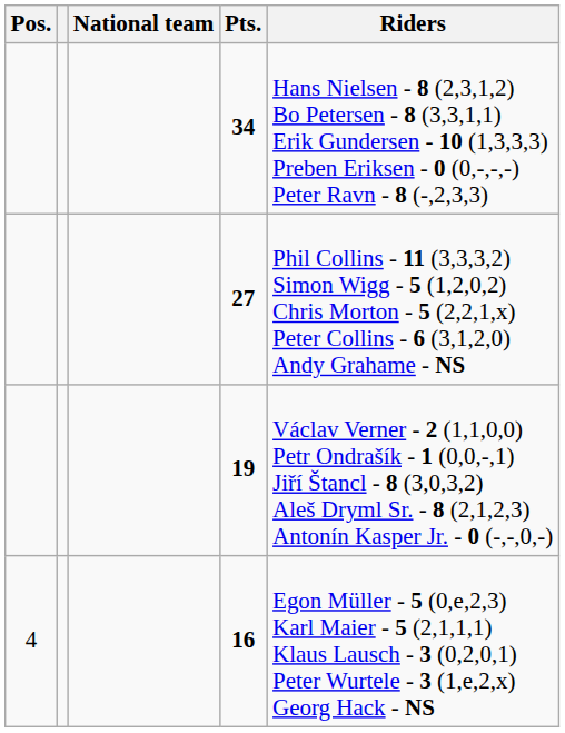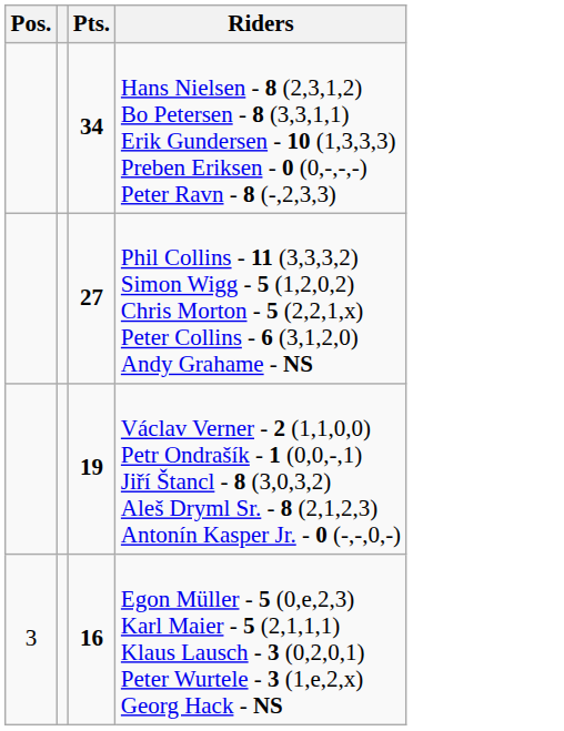 <table class=wikitable style="font-size:93%;">
 <tr>
 <th>Pos.</th>
 <th></th>
-<th>National team</th>
 <th>Pts.</th>
 <th>Riders</th>
 </tr>
 <tr align=center >
 <td></td>
 <td></td>
-<td align=left></td>
 <td><strong>34</strong></td>
 <td align=left><br><a href='#'>Hans Nielsen</a> - <strong>8</strong> (2,3,1,2) <br> <a href='#'>Bo Petersen</a> - <strong>8</strong> (3,3,1,1) <br> <a href='#'>Erik Gundersen</a> - <strong>10</strong> (1,3,3,3) <br> <a href='#'>Preben Eriksen</a> - <strong>0</strong> (0,-,-,-) <br> <a href='#'>Peter Ravn</a> - <strong>8</strong> (-,2,3,3) <br></td>
 </tr>
 <tr align=center >
 <td></td>
 <td></td>
-<td align=left></td>
 <td><strong>27</strong></td>
 <td align=left><br><a href='#'>Phil Collins</a> - <strong>11</strong> (3,3,3,2) <br> <a href='#'>Simon Wigg</a> - <strong>5</strong> (1,2,0,2) <br> <a href='#'>Chris Morton</a> - <strong>5</strong> (2,2,1,x) <br> <a href='#'>Peter Collins</a> - <strong>6</strong> (3,1,2,0) <br> <a href='#'>Andy Grahame</a> - <strong>NS</strong> <br></td>
 </tr>
 <tr align=center >
 <td></td>
 <td></td>
-<td align=left></td>
 <td><strong>19</strong></td>
 <td align=left><br><a href='#'>Václav Verner</a> - <strong>2</strong> (1,1,0,0) <br> <a href='#'>Petr Ondrašík</a> - <strong>1</strong> (0,0,-,1) <br> <a href='#'>Jiří Štancl</a> - <strong>8</strong> (3,0,3,2) <br> <a href='#'>Aleš Dryml Sr.</a> - <strong>8</strong> (2,1,2,3) <br> <a href='#'>Antonín Kasper Jr.</a> - <strong>0</strong> (-,-,0,-) <br></td>
 </tr>
 <tr align=center>
-<td>4</td>
+<td>3</td>
 <td></td>
-<td align=left></td>
 <td><strong>16</strong></td>
 <td align=left><br><a href='#'>Egon Müller</a> - <strong>5</strong> (0,e,2,3) <br> <a href='#'>Karl Maier</a> - <strong>5</strong> (2,1,1,1) <br> <a href='#'>Klaus Lausch</a> - <strong>3</strong> (0,2,0,1) <br> <a href='#'>Peter Wurtele</a> - <strong>3</strong> (1,e,2,x) <br> <a href='#'>Georg Hack</a> - <strong>NS</strong> <br></td>
 </tr>
 </table>
